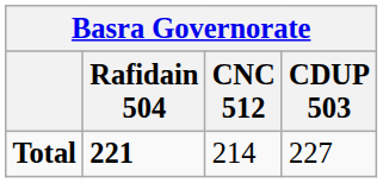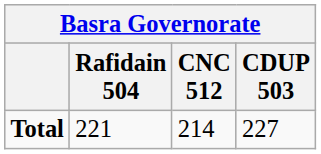 <table class="wikitable">
 <tr>
 <th colspan="4"><a href='#'>Basra Governorate</a></th>
 </tr>
 <tr>
 <th></th>
 <th>Rafidain<br>504</th>
 <th>CNC<br>512</th>
 <th>CDUP<br>503</th>
 </tr>
 <tr>
 <td><strong>Total</strong></td>
-<td><strong>221</strong></td>
+<td>221</td>
 <td>214</td>
 <td>227</td>
 </tr>
 </table>
